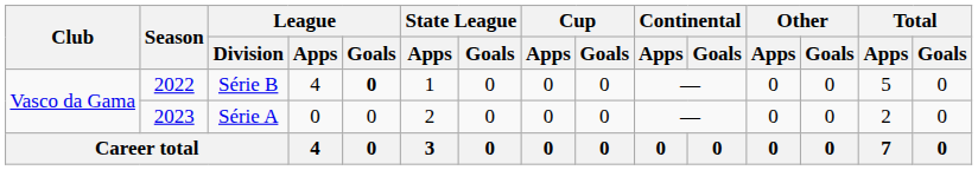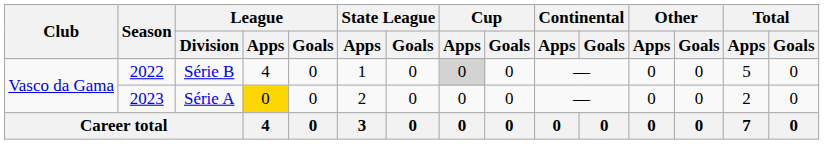 <table class="wikitable" style="text-align:center">
 <tr>
 <th rowspan="2">Club</th>
 <th rowspan="2">Season</th>
 <th colspan="3">League</th>
 <th colspan="2">State League</th>
 <th colspan="2">Cup</th>
 <th colspan="2">Continental</th>
 <th colspan="2">Other</th>
 <th colspan="2">Total</th>
 </tr>
 <tr>
 <th>Division</th>
 <th>Apps</th>
 <th>Goals</th>
 <th>Apps</th>
 <th>Goals</th>
 <th>Apps</th>
 <th>Goals</th>
 <th>Apps</th>
 <th>Goals</th>
 <th>Apps</th>
 <th>Goals</th>
 <th>Apps</th>
 <th>Goals</th>
 </tr>
 <tr>
 <td rowspan=2><a href='#'>Vasco da Gama</a></td>
 <td><a href='#'>2022</a></td>
 <td><a href='#'>Série B</a></td>
 <td>4</td>
-<td><strong>0</strong></td>
+<td>0</td>
 <td>1</td>
 <td>0</td>
-<td>0</td>
+<td style="background: lightgrey;">0</td>
 <td>0</td>
 <td colspan=2>—</td>
 <td>0</td>
 <td>0</td>
 <td>5</td>
 <td>0</td>
 </tr>
 <tr>
 <td><a href='#'>2023</a></td>
 <td><a href='#'>Série A</a></td>
-<td>0</td>
+<td style="background: gold;">0</td>
 <td>0</td>
 <td>2</td>
 <td>0</td>
 <td>0</td>
 <td>0</td>
 <td colspan=2>—</td>
 <td>0</td>
 <td>0</td>
 <td>2</td>
 <td>0</td>
 </tr>
 <tr>
 <th colspan=3><strong>Career total</strong></th>
 <th>4</th>
 <th>0</th>
 <th>3</th>
 <th>0</th>
 <th>0</th>
 <th>0</th>
 <th>0</th>
 <th>0</th>
 <th>0</th>
 <th>0</th>
 <th>7</th>
 <th>0</th>
 </tr>
 </table>
